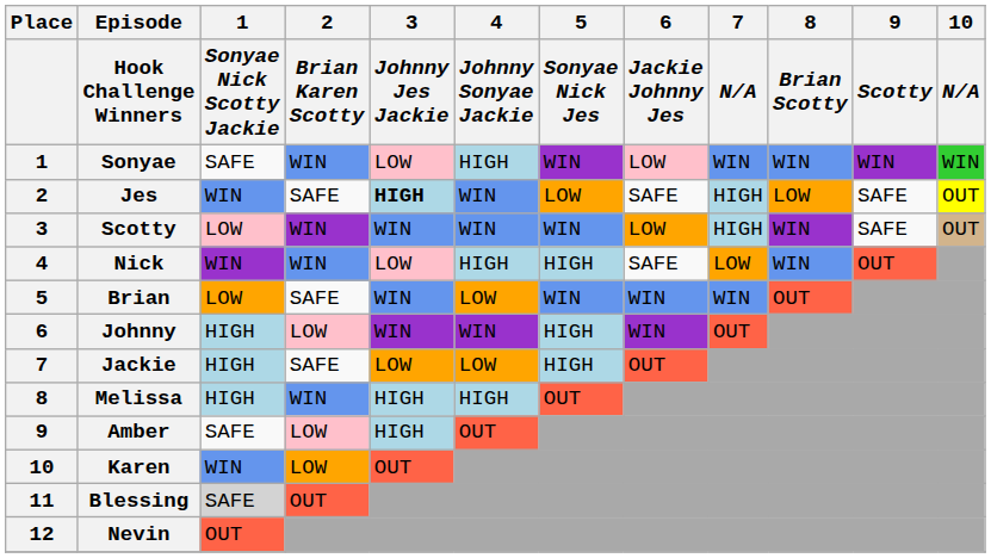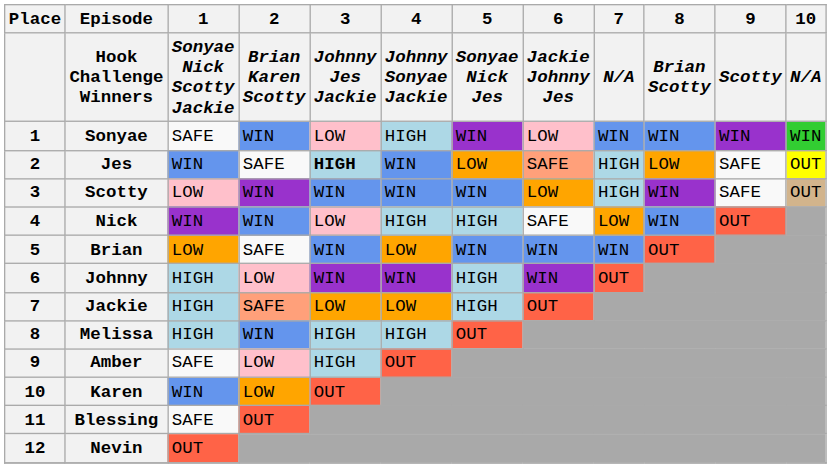 <table class="wikitable" align=>
 <tr>
 <th>Place</th>
 <th><strong>Episode</strong></th>
 <th>1</th>
 <th>2</th>
 <th>3</th>
 <th>4</th>
 <th>5</th>
 <th>6</th>
 <th>7</th>
 <th>8</th>
 <th>9</th>
 <th>10</th>
 </tr>
 <tr>
 <th></th>
 <th>Hook<br>Challenge<br>Winners<br></th>
 <th><em>Sonyae<br>Nick<br>Scotty<br>Jackie</em></th>
 <th><em>Brian<br>Karen<br>Scotty</em></th>
 <th><em>Johnny<br>Jes<br>Jackie</em></th>
 <th><em>Johnny<br>Sonyae<br>Jackie</em></th>
 <th><em>Sonyae<br>Nick<br>Jes</em></th>
 <th><em>Jackie<br>Johnny<br>Jes</em></th>
 <th><em>N/A</em></th>
 <th><em>Brian<br>Scotty</em></th>
 <th><em>Scotty</em></th>
 <th><em>N/A</em></th>
 </tr>
 <tr>
 <th>1</th>
 <th>Sonyae</th>
 <td>SAFE</td>
 <td style = "background:cornflowerblue;">WIN</td>
 <td style = "background:pink;">LOW</td>
 <td style = "background:lightblue;">HIGH</td>
 <td style = "background:darkorchid;">WIN</td>
 <td style = "background:pink;">LOW</td>
 <td style = "background:cornflowerblue;">WIN</td>
 <td style = "background:cornflowerblue;">WIN</td>
 <td style = "background:darkorchid;">WIN</td>
 <td style = "background:limegreen;">WIN</td>
 </tr>
 <tr>
 <th>2</th>
 <th>Jes</th>
 <td style = "background:cornflowerblue;">WIN</td>
 <td>SAFE</td>
 <td style = "background:lightblue;"><strong>HIGH</strong></td>
 <td style = "background:cornflowerblue;">WIN</td>
 <td style = "background:orange;">LOW</td>
-<td>SAFE</td>
+<td style="background: lightsalmon;">SAFE</td>
 <td style = "background:lightblue;">HIGH</td>
 <td style = "background:orange;">LOW</td>
 <td>SAFE</td>
 <td style = "background:yellow;">OUT</td>
 </tr>
 <tr>
 <th>3</th>
 <th>Scotty</th>
 <td style = "background:pink;">LOW</td>
 <td style = "background:darkorchid;">WIN</td>
 <td style = "background:cornflowerblue;">WIN</td>
 <td style = "background:cornflowerblue;">WIN</td>
 <td style = "background:cornflowerblue;">WIN</td>
 <td style = "background:orange;">LOW</td>
 <td style = "background:lightblue;">HIGH</td>
 <td style = "background:darkorchid;">WIN</td>
 <td>SAFE</td>
 <td style = "background:tan;">OUT</td>
 </tr>
 <tr>
 <th>4</th>
 <th>Nick</th>
 <td style = "background:darkorchid;">WIN</td>
 <td style = "background:cornflowerblue;">WIN</td>
 <td style = "background:pink;">LOW</td>
 <td style = "background:lightblue;">HIGH</td>
 <td style = "background:lightblue;">HIGH</td>
 <td>SAFE</td>
 <td style = "background:orange;">LOW</td>
 <td style = "background:cornflowerblue;">WIN</td>
 <td style="background:tomato;">OUT</td>
 <td colspan=1 style="background:darkgray;"></td>
 </tr>
 <tr>
 <th>5</th>
 <th>Brian</th>
 <td style = "background:orange;">LOW</td>
 <td>SAFE</td>
 <td style = "background:cornflowerblue;">WIN</td>
 <td style = "background:orange;">LOW</td>
 <td style = "background:cornflowerblue;">WIN</td>
 <td style = "background:cornflowerblue;">WIN</td>
 <td style = "background:cornflowerblue;">WIN</td>
 <td style="background:tomato;">OUT</td>
 <td colspan=2 style="background:darkgray;"></td>
 </tr>
 <tr>
 <th>6</th>
 <th>Johnny</th>
 <td style = "background:lightblue;">HIGH</td>
 <td style = "background:pink;">LOW</td>
 <td style = "background:darkorchid;">WIN</td>
 <td style = "background:darkorchid;">WIN</td>
 <td style = "background:lightblue;">HIGH</td>
 <td style = "background:darkorchid;">WIN</td>
 <td style="background:tomato;">OUT</td>
 <td colspan=3 style="background:darkgray;"></td>
 </tr>
 <tr>
 <th>7</th>
 <th>Jackie</th>
 <td style = "background:lightblue;">HIGH</td>
-<td>SAFE</td>
+<td style="background: lightsalmon;">SAFE</td>
 <td style = "background:orange;">LOW</td>
 <td style = "background:orange;">LOW</td>
 <td style = "background:lightblue;">HIGH</td>
 <td style="background:tomato;">OUT</td>
 <td colspan=4 style="background:darkgray;"></td>
 </tr>
 <tr>
 <th>8</th>
 <th>Melissa</th>
 <td style = "background:lightblue;">HIGH</td>
 <td style = "background:cornflowerblue;">WIN</td>
 <td style = "background:lightblue;">HIGH</td>
 <td style = "background:lightblue;">HIGH</td>
 <td style="background:tomato;">OUT</td>
 <td colspan=5 style="background:darkgray;"></td>
 </tr>
 <tr>
 <th>9</th>
 <th>Amber</th>
 <td>SAFE</td>
 <td style = "background:pink;">LOW</td>
 <td style = "background:lightblue;">HIGH</td>
 <td style="background:tomato;">OUT</td>
 <td colspan=6 style="background:darkgray;"></td>
 </tr>
 <tr>
 <th>10</th>
 <th>Karen</th>
 <td style = "background:cornflowerblue;">WIN</td>
 <td style = "background:orange;">LOW</td>
 <td style="background:tomato;">OUT</td>
 <td colspan=7 style="background:darkgray;"></td>
 </tr>
 <tr>
 <th>11</th>
 <th>Blessing</th>
-<td style="background: lightgrey;">SAFE</td>
+<td>SAFE</td>
 <td style="background:tomato;">OUT</td>
 <td colspan=8 style="background:darkgray;"></td>
 </tr>
 <tr>
 <th>12</th>
 <th>Nevin</th>
 <td style="background:tomato;">OUT</td>
 <td colspan=9 style="background:darkgray;"></td>
 </tr>
 <tr>
 </tr>
 </table>
